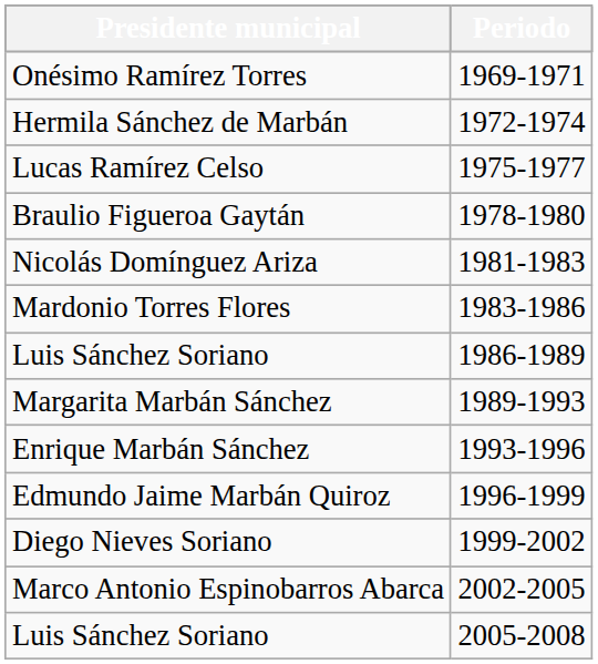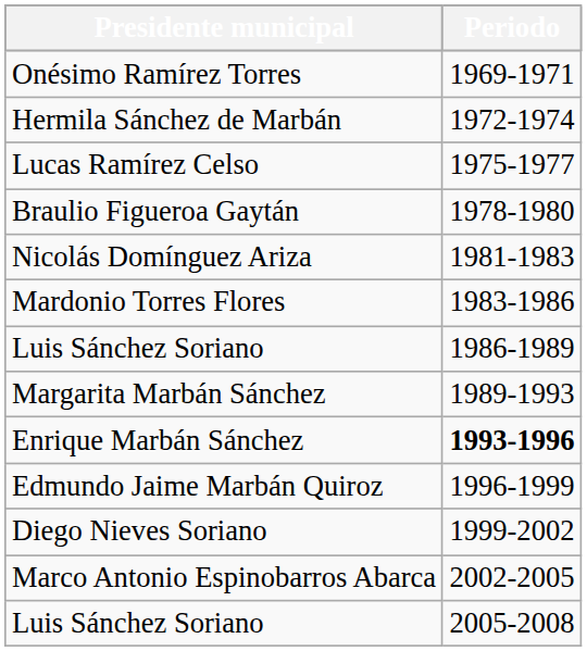 <table class="wikitable">
 <tr style="background:#000000; color:#FFFFFF;">
 <th><strong>Presidente municipal</strong></th>
 <th><strong>Periodo</strong></th>
 </tr>
 <tr>
 <td>Onésimo Ramírez Torres</td>
 <td>1969-1971</td>
 </tr>
 <tr>
 <td>Hermila Sánchez de Marbán</td>
 <td>1972-1974</td>
 </tr>
 <tr>
 <td>Lucas Ramírez Celso</td>
 <td>1975-1977</td>
 </tr>
 <tr>
 <td>Braulio Figueroa Gaytán</td>
 <td>1978-1980</td>
 </tr>
 <tr>
 <td>Nicolás Domínguez Ariza</td>
 <td>1981-1983</td>
 </tr>
 <tr>
 <td>Mardonio Torres Flores</td>
 <td>1983-1986</td>
 </tr>
 <tr>
 <td>Luis Sánchez Soriano</td>
 <td>1986-1989</td>
 </tr>
 <tr>
 <td>Margarita Marbán Sánchez</td>
 <td>1989-1993</td>
 </tr>
 <tr>
 <td>Enrique Marbán Sánchez</td>
-<td>1993-1996</td>
+<td><strong>1993-1996</strong></td>
 </tr>
 <tr>
 <td>Edmundo Jaime Marbán Quiroz</td>
 <td>1996-1999</td>
 </tr>
 <tr>
 <td>Diego Nieves Soriano</td>
 <td>1999-2002</td>
 </tr>
 <tr>
 <td>Marco Antonio Espinobarros Abarca</td>
 <td>2002-2005</td>
 </tr>
 <tr>
 <td>Luis Sánchez Soriano</td>
 <td>2005-2008</td>
 </tr>
 </table>
